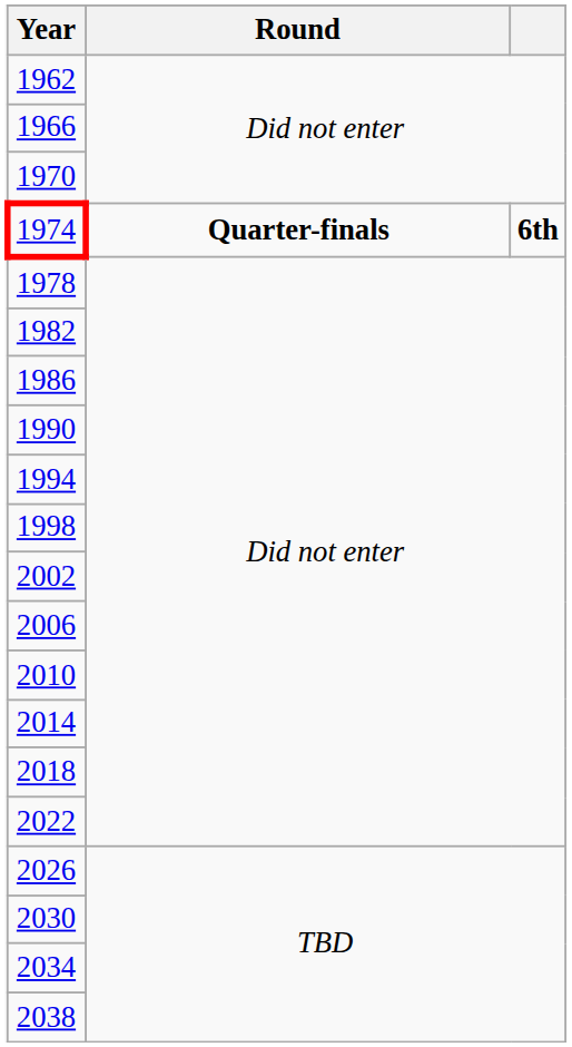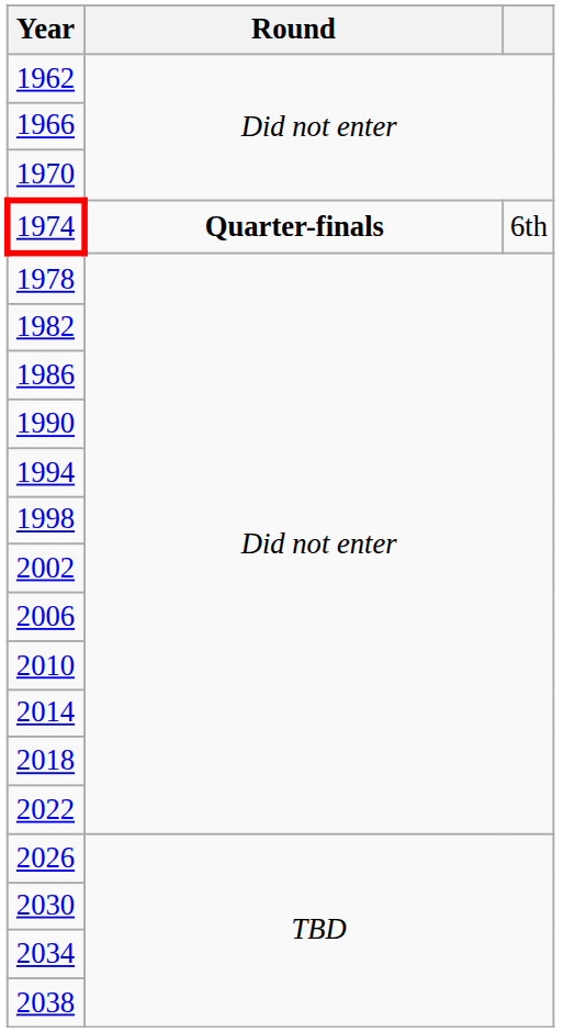 <table class="wikitable" style="text-align: center; font-size:90%">
 <tr>
 <th>Year</th>
 <th style="width:200px">Round</th>
 <th></th>
 </tr>
 <tr>
 <td><a href='#'>1962</a></td>
 <td colspan="2" rowspan="3"><em>Did not enter</em></td>
 </tr>
 <tr>
 <td><a href='#'>1966</a></td>
 </tr>
 <tr>
 <td><a href='#'>1970</a></td>
 </tr>
 <tr>
 <td style="border: 3px solid red"><a href='#'>1974</a></td>
 <td><strong>Quarter-finals</strong></td>
-<td><strong>6th</strong></td>
+<td>6th</td>
 </tr>
 <tr>
 <td><a href='#'>1978</a></td>
 <td colspan="2" rowspan="12"><em>Did not enter</em></td>
 </tr>
 <tr>
 <td><a href='#'>1982</a></td>
 </tr>
 <tr>
 <td><a href='#'>1986</a></td>
 </tr>
 <tr>
 <td><a href='#'>1990</a></td>
 </tr>
 <tr>
 <td><a href='#'>1994</a></td>
 </tr>
 <tr>
 <td><a href='#'>1998</a></td>
 </tr>
 <tr>
 <td><a href='#'>2002</a></td>
 </tr>
 <tr>
 <td><a href='#'>2006</a></td>
 </tr>
 <tr>
 <td><a href='#'>2010</a></td>
 </tr>
 <tr>
 <td><a href='#'>2014</a></td>
 </tr>
 <tr>
 <td><a href='#'>2018</a></td>
 </tr>
 <tr>
 <td><a href='#'>2022</a></td>
 </tr>
 <tr>
 <td><a href='#'>2026</a></td>
 <td colspan="2" rowspan="4"><em>TBD</em></td>
 </tr>
 <tr>
 <td><a href='#'>2030</a></td>
 </tr>
 <tr>
 <td><a href='#'>2034</a></td>
 </tr>
 <tr>
 <td><a href='#'>2038</a></td>
 </tr>
 </table>
